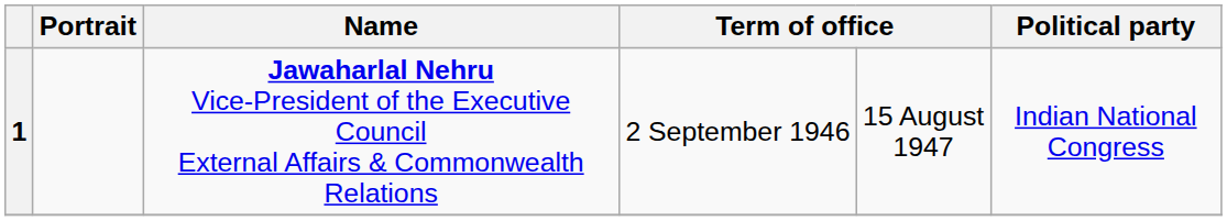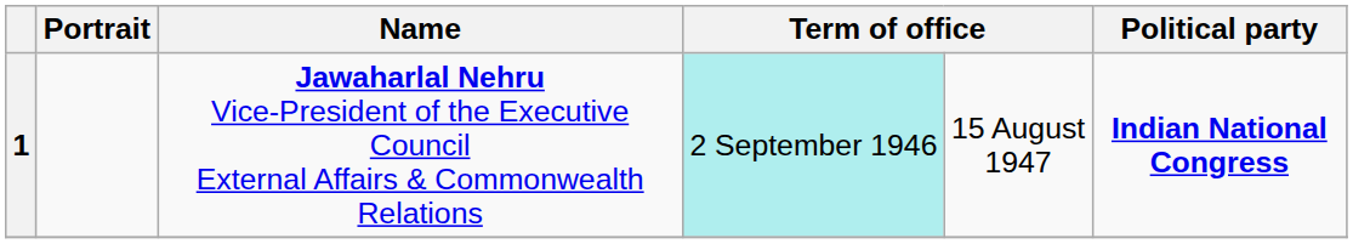 <table class="wikitable" style="text-align:center">
 <tr>
 <th></th>
 <th>Portrait</th>
 <th style="width:17em">Name</th>
 <th colspan="2">Term of office</th>
 <th style="width:8em">Political party</th>
 </tr>
 <tr>
 <th>1</th>
 <td></td>
 <td><strong><a href='#'>Jawaharlal Nehru</a></strong><br><a href='#'>Vice-President of the Executive Council</a><br> <a href='#'>External Affairs & Commonwealth Relations</a><br></td>
-<td>2 September 1946</td>
+<td style="background: paleturquoise;">2 September 1946</td>
 <td>15 August<br>1947</td>
-<td><a href='#'>Indian National Congress</a></td>
+<td><strong><a href='#'>Indian National Congress</a></strong></td>
 </tr>
 <tr>
 </tr>
 </table>
